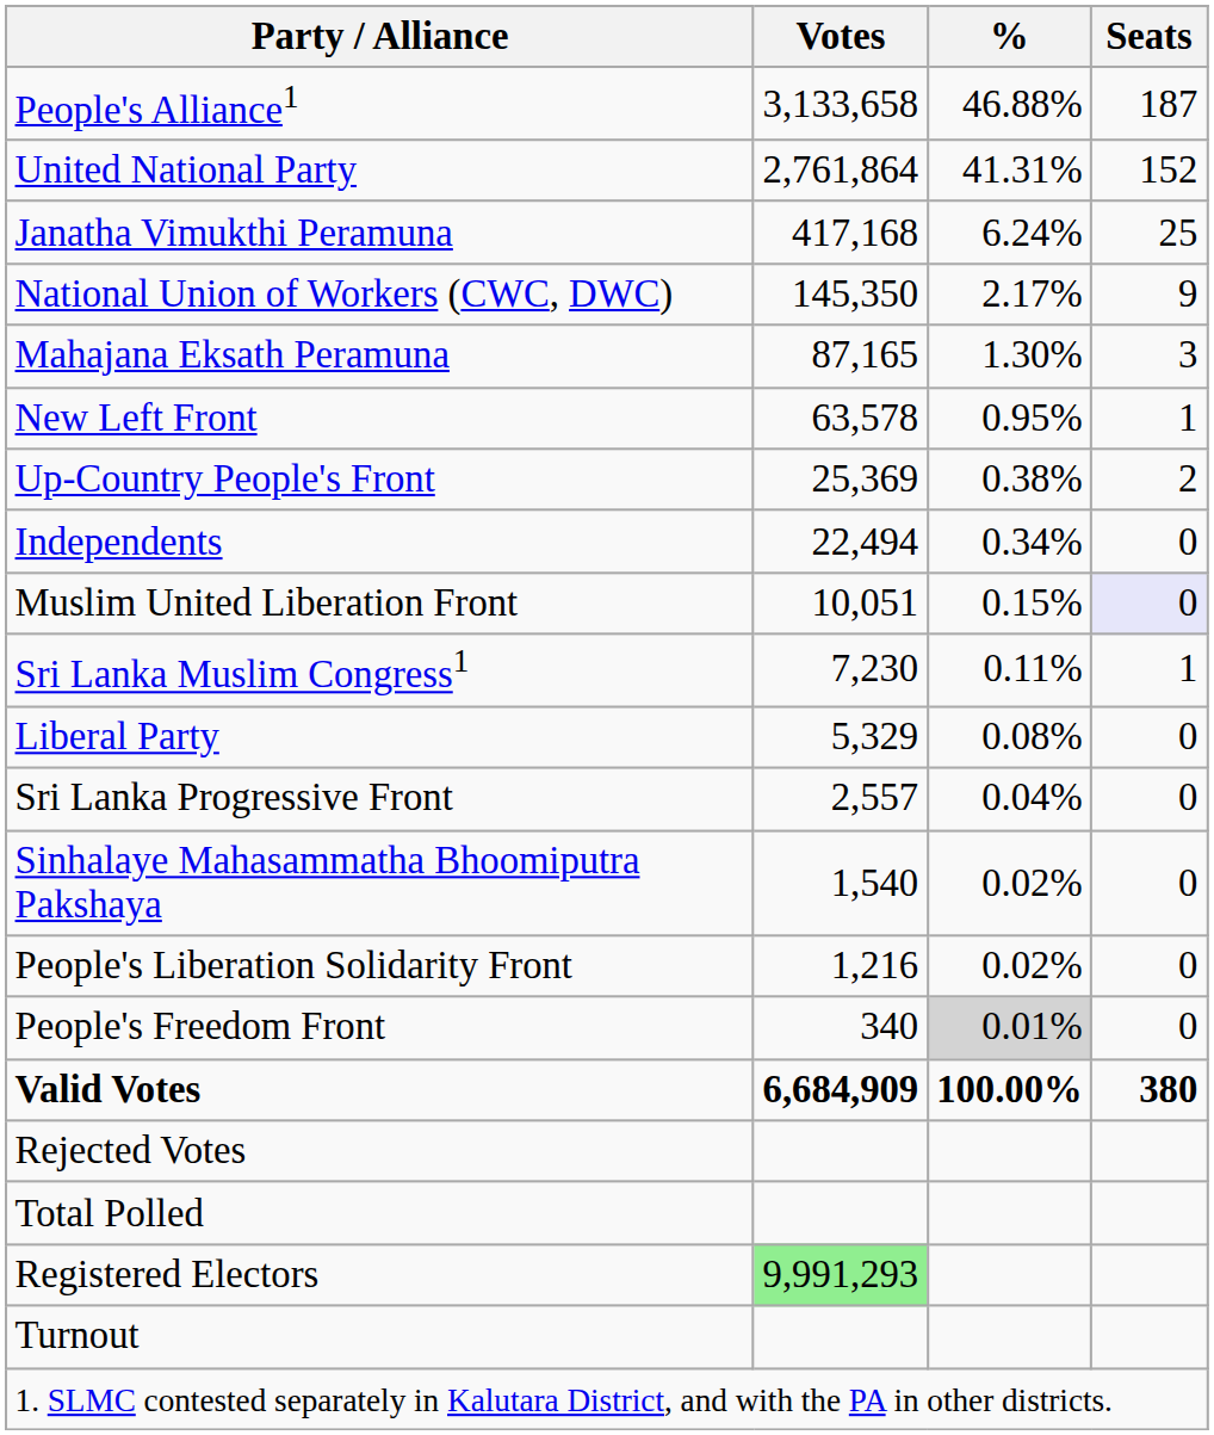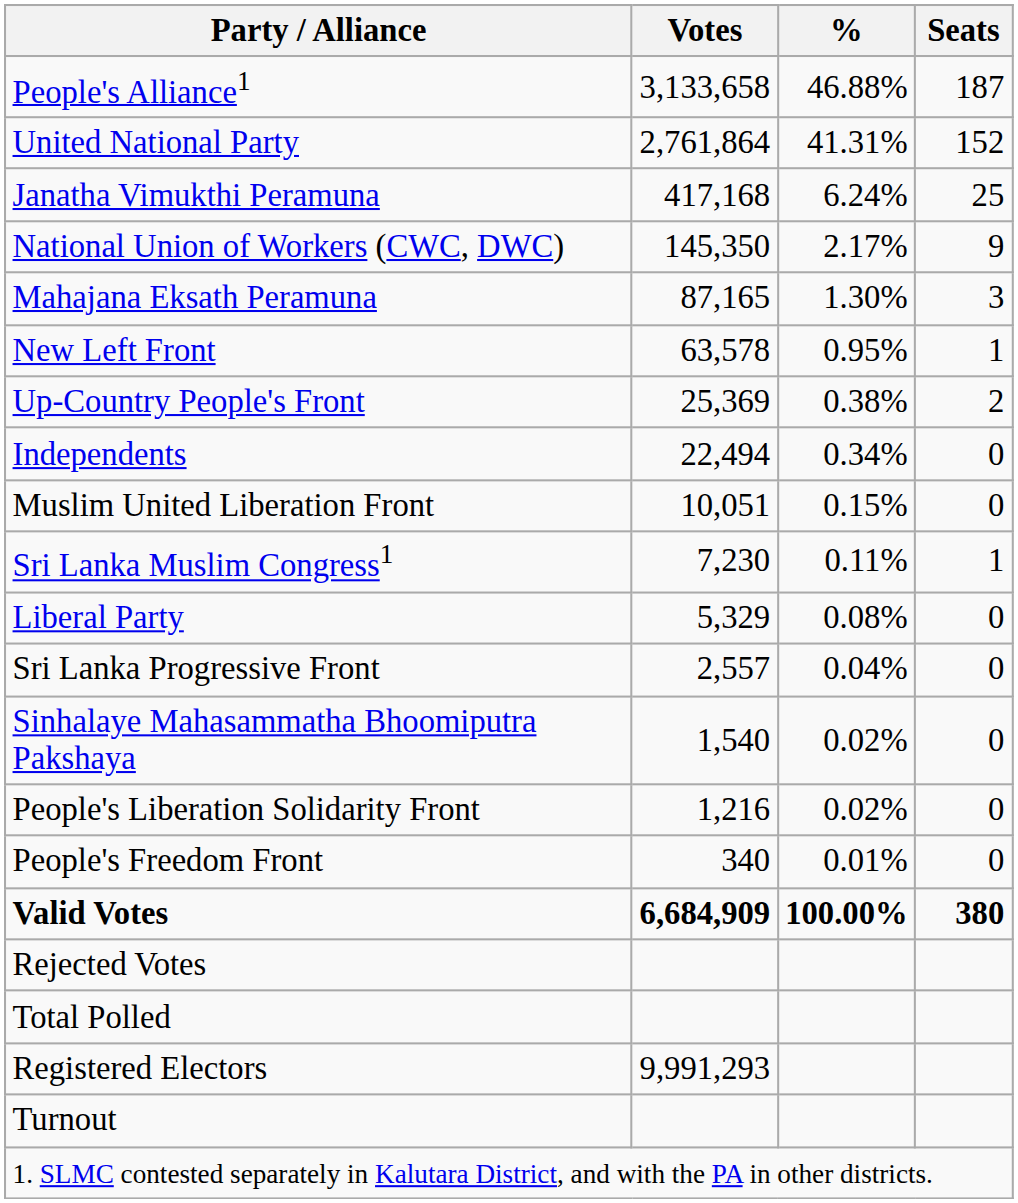 <table class="wikitable" border="1" style="text-align:right;">
 <tr>
 <th width="300">Party / Alliance</th>
 <th width="60">Votes</th>
 <th width="50">%</th>
 <th width="40">Seats</th>
 </tr>
 <tr>
 <td align=left><a href='#'>People's Alliance</a><sup>1</sup></td>
 <td>3,133,658</td>
 <td>46.88%</td>
 <td>187</td>
 </tr>
 <tr>
 <td align=left><a href='#'>United National Party</a></td>
 <td>2,761,864</td>
 <td>41.31%</td>
 <td>152</td>
 </tr>
 <tr>
 <td align=left><a href='#'>Janatha Vimukthi Peramuna</a></td>
 <td>417,168</td>
 <td>6.24%</td>
 <td>25</td>
 </tr>
 <tr>
 <td align=left><a href='#'>National Union of Workers</a> (<a href='#'>CWC</a>, <a href='#'>DWC</a>)</td>
 <td>145,350</td>
 <td>2.17%</td>
 <td>9</td>
 </tr>
 <tr>
 <td align=left><a href='#'>Mahajana Eksath Peramuna</a></td>
 <td>87,165</td>
 <td>1.30%</td>
 <td>3</td>
 </tr>
 <tr>
 <td align=left><a href='#'>New Left Front</a></td>
 <td>63,578</td>
 <td>0.95%</td>
 <td>1</td>
 </tr>
 <tr>
 <td align=left><a href='#'>Up-Country People's Front</a></td>
 <td>25,369</td>
 <td>0.38%</td>
 <td>2</td>
 </tr>
 <tr>
 <td align=left><a href='#'>Independents</a></td>
 <td>22,494</td>
 <td>0.34%</td>
 <td>0</td>
 </tr>
 <tr>
 <td align=left>Muslim United Liberation Front</td>
 <td>10,051</td>
 <td>0.15%</td>
-<td style="background: lavender;">0</td>
+<td>0</td>
 </tr>
 <tr>
 <td align=left><a href='#'>Sri Lanka Muslim Congress</a><sup>1</sup></td>
 <td>7,230</td>
 <td>0.11%</td>
 <td>1</td>
 </tr>
 <tr>
 <td align=left><a href='#'>Liberal Party</a></td>
 <td>5,329</td>
 <td>0.08%</td>
 <td>0</td>
 </tr>
 <tr>
 <td align=left>Sri Lanka Progressive Front</td>
 <td>2,557</td>
 <td>0.04%</td>
 <td>0</td>
 </tr>
 <tr>
 <td align=left><a href='#'>Sinhalaye Mahasammatha Bhoomiputra Pakshaya</a></td>
 <td>1,540</td>
 <td>0.02%</td>
 <td>0</td>
 </tr>
 <tr>
 <td align=left>People's Liberation Solidarity Front</td>
 <td>1,216</td>
 <td>0.02%</td>
 <td>0</td>
 </tr>
 <tr>
 <td align=left>People's Freedom Front</td>
 <td>340</td>
-<td style="background: lightgrey;">0.01%</td>
+<td>0.01%</td>
 <td>0</td>
 </tr>
 <tr>
 <td align=left><strong>Valid Votes</strong></td>
 <td><strong>6,684,909</strong></td>
 <td><strong>100.00%</strong></td>
 <td><strong>380</strong></td>
 </tr>
 <tr>
 <td align=left>Rejected Votes</td>
 <td></td>
 <td></td>
 <td></td>
 </tr>
 <tr>
 <td align=left>Total Polled</td>
 <td></td>
 <td></td>
 <td></td>
 </tr>
 <tr>
 <td align=left>Registered Electors</td>
-<td style="background: lightgreen;">9,991,293</td>
+<td>9,991,293</td>
 <td></td>
 <td></td>
 </tr>
 <tr>
 <td align=left>Turnout</td>
 <td></td>
 <td></td>
 <td></td>
 </tr>
 <tr>
 <td align=left colspan=4><small>1. <a href='#'>SLMC</a> contested separately in <a href='#'>Kalutara District</a>, and with the <a href='#'>PA</a> in other districts.</small></td>
 </tr>
 </table>
